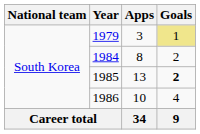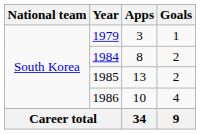 <table class="wikitable" style="text-align:center">
 <tr>
 <th>National team</th>
 <th>Year</th>
 <th>Apps</th>
 <th>Goals</th>
 </tr>
 <tr>
 <td rowspan="4"><a href='#'>South Korea</a></td>
 <td><a href='#'>1979</a></td>
 <td>3</td>
-<td style="background: khaki;">1</td>
+<td>1</td>
 </tr>
 <tr>
 <td><a href='#'>1984</a></td>
 <td>8</td>
 <td>2</td>
 </tr>
 <tr>
 <td>1985</td>
 <td>13</td>
-<td><strong>2</strong></td>
+<td>2</td>
 </tr>
 <tr>
 <td>1986</td>
 <td>10</td>
 <td>4</td>
 </tr>
 <tr>
 <th colspan="2">Career total</th>
 <th>34</th>
 <th>9</th>
 </tr>
 </table>
